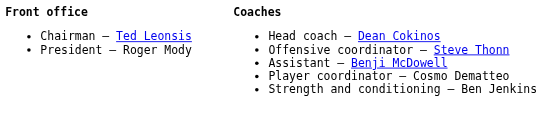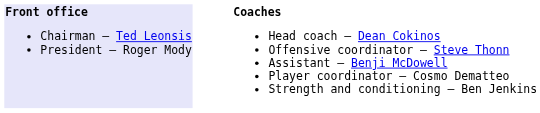 <table class="toccolours" style="text-align: left;">
 <tr>
 <td colspan=7 align="right"></td>
 </tr>
 <tr>
 <td valign="top"></td>
-<td valign="top"><strong>Front office</strong><br><ul><li>Chairman – <a href='#'>Ted Leonsis</a></li><li>President – Roger Mody</li></ul></td>
+<td valign="top" style="background: lavender;"><strong>Front office</strong><br><ul><li>Chairman – <a href='#'>Ted Leonsis</a></li><li>President – Roger Mody</li></ul></td>
 <td width="35"> </td>
 <td valign="top"></td>
 <td valign="top"><strong>Coaches</strong><br><ul><li>Head coach – <a href='#'>Dean Cokinos</a></li><li>Offensive coordinator – <a href='#'>Steve Thonn</a></li><li>Assistant – <a href='#'>Benji McDowell</a></li><li>Player coordinator – Cosmo Dematteo</li><li>Strength and conditioning – Ben Jenkins</li></ul></td>
 </tr>
 </table>
